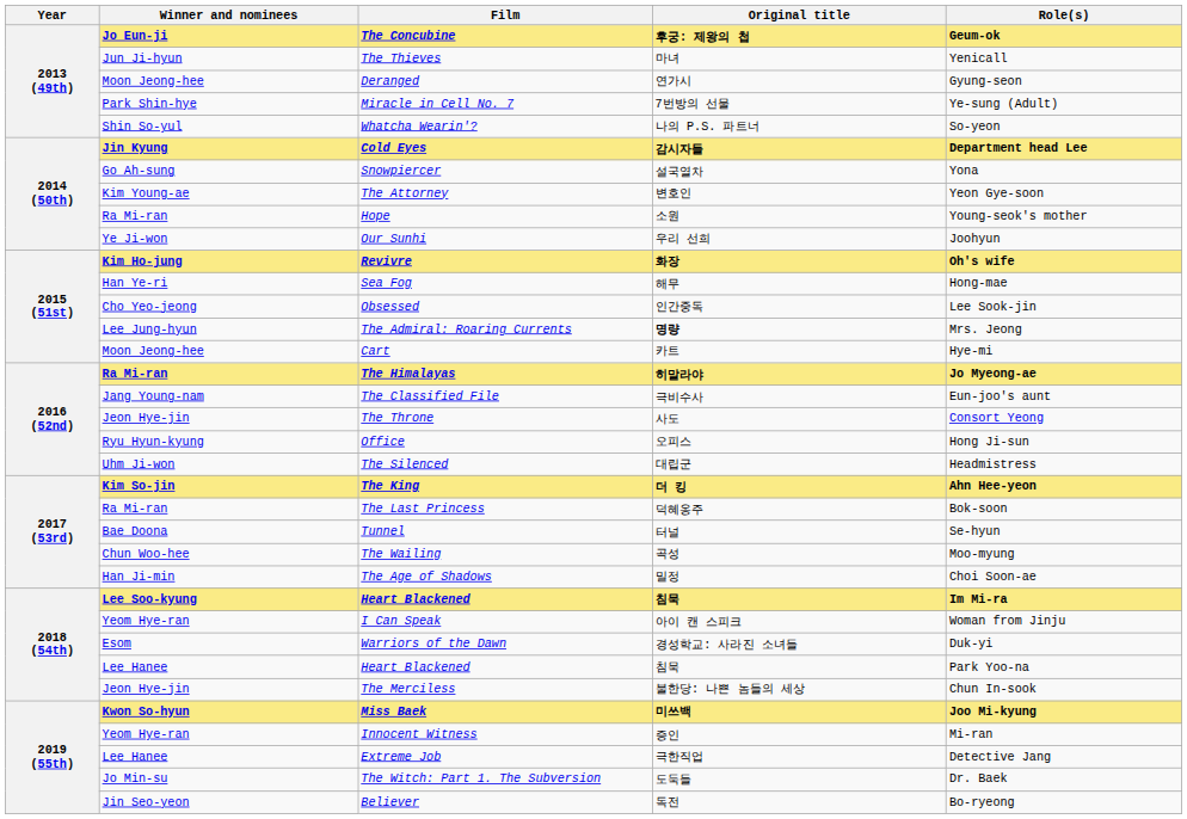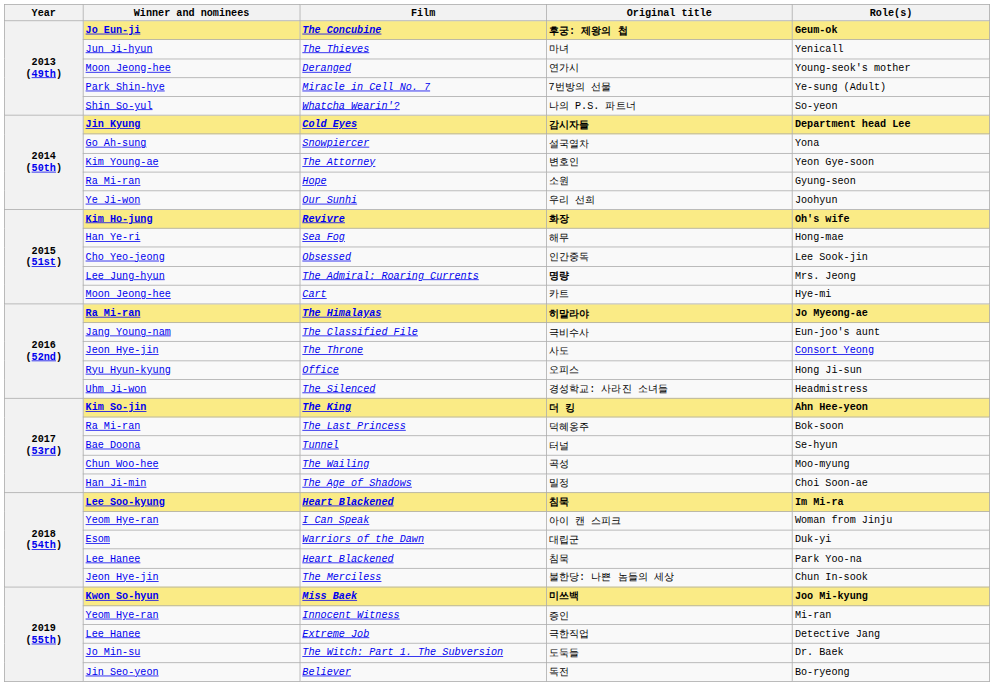 <table class="wikitable" style="width:100%;" cellpadding="6">
 <tr>
 <th style="width:8%;">Year</th>
 <th style="width:22%;">Winner and nominees</th>
 <th style="width:25%;">Film</th>
 <th style="width:25%;">Original title</th>
 <th style="width:20%;">Role(s)</th>
 </tr>
 <tr>
 <th rowspan="5">2013<br>(<a href='#'>49th</a>)</th>
 <td style="background:#FAEB86;"><strong><a href='#'>Jo Eun-ji</a> </strong></td>
 <td style="background:#FAEB86;"><strong><em><a href='#'>The Concubine</a></em></strong></td>
 <td style="background:#FAEB86;"><strong>후궁: 제왕의 첩</strong></td>
 <td style="background:#FAEB86;"><strong>Geum-ok</strong></td>
 </tr>
 <tr>
 <td><a href='#'>Jun Ji-hyun</a></td>
 <td><em><a href='#'>The Thieves</a></em></td>
 <td>마녀</td>
 <td>Yenicall</td>
 </tr>
 <tr>
 <td><a href='#'>Moon Jeong-hee</a></td>
 <td><em><a href='#'>Deranged</a></em></td>
 <td>연가시</td>
-<td>Gyung-seon</td>
+<td>Young-seok's mother</td>
 </tr>
 <tr>
 <td><a href='#'>Park Shin-hye</a></td>
 <td><em><a href='#'>Miracle in Cell No. 7</a></em></td>
 <td>7번방의 선물</td>
 <td>Ye-sung (Adult)</td>
 </tr>
 <tr>
 <td><a href='#'>Shin So-yul</a></td>
 <td><em><a href='#'>Whatcha Wearin'?</a></em></td>
 <td>나의 P.S. 파트너</td>
 <td>So-yeon</td>
 </tr>
 <tr>
 <th rowspan="5">2014<br>(<a href='#'>50th</a>)</th>
 <td style="background:#FAEB86;"><strong><a href='#'>Jin Kyung</a> </strong></td>
 <td style="background:#FAEB86;"><strong><em><a href='#'>Cold Eyes</a></em></strong></td>
 <td style="background:#FAEB86;"><strong>감시자들</strong></td>
 <td style="background:#FAEB86;"><strong>Department head Lee</strong></td>
 </tr>
 <tr>
 <td><a href='#'>Go Ah-sung</a></td>
 <td><em><a href='#'>Snowpiercer</a></em></td>
 <td>설국열차</td>
 <td>Yona</td>
 </tr>
 <tr>
 <td><a href='#'>Kim Young-ae</a></td>
 <td><em><a href='#'>The Attorney</a></em></td>
 <td>변호인</td>
 <td>Yeon Gye-soon</td>
 </tr>
 <tr>
 <td><a href='#'>Ra Mi-ran</a></td>
 <td><em><a href='#'>Hope</a></em></td>
 <td>소원</td>
-<td>Young-seok's mother</td>
+<td>Gyung-seon</td>
 </tr>
 <tr>
 <td><a href='#'>Ye Ji-won</a></td>
 <td><em><a href='#'>Our Sunhi</a></em></td>
 <td>우리 선희</td>
 <td>Joohyun</td>
 </tr>
 <tr>
 <th rowspan="5">2015<br>(<a href='#'>51st</a>)</th>
 <td style="background:#FAEB86;"><strong><a href='#'>Kim Ho-jung</a> </strong></td>
 <td style="background:#FAEB86;"><strong><em><a href='#'>Revivre</a></em></strong></td>
 <td style="background:#FAEB86;"><strong>화장</strong></td>
 <td style="background:#FAEB86;"><strong>Oh's wife</strong></td>
 </tr>
 <tr>
 <td><a href='#'>Han Ye-ri</a></td>
 <td><em><a href='#'>Sea Fog</a></em></td>
 <td>해무</td>
 <td>Hong-mae</td>
 </tr>
 <tr>
 <td><a href='#'>Cho Yeo-jeong</a></td>
 <td><em><a href='#'>Obsessed</a></em></td>
 <td>인간중독</td>
 <td>Lee Sook-jin</td>
 </tr>
 <tr>
 <td><a href='#'>Lee Jung-hyun</a></td>
 <td><em><a href='#'>The Admiral: Roaring Currents</a></em></td>
 <td><strong>명량</strong></td>
 <td>Mrs. Jeong</td>
 </tr>
 <tr>
 <td><a href='#'>Moon Jeong-hee</a></td>
 <td><em><a href='#'>Cart</a></em></td>
 <td>카트</td>
 <td>Hye-mi</td>
 </tr>
 <tr>
 <th rowspan="5">2016<br>(<a href='#'>52nd</a>)</th>
 <td style="background:#FAEB86;"><strong><a href='#'>Ra Mi-ran</a> </strong></td>
 <td style="background:#FAEB86;"><strong><em><a href='#'>The Himalayas</a></em></strong></td>
 <td style="background:#FAEB86;"><strong>히말라야</strong></td>
 <td style="background:#FAEB86;"><strong>Jo Myeong-ae</strong></td>
 </tr>
 <tr>
 <td><a href='#'>Jang Young-nam</a></td>
 <td><em><a href='#'>The Classified File</a></em></td>
 <td>극비수사</td>
 <td>Eun-joo's aunt</td>
 </tr>
 <tr>
 <td><a href='#'>Jeon Hye-jin</a></td>
 <td><em><a href='#'>The Throne</a></em></td>
 <td>사도</td>
 <td><a href='#'>Consort Yeong</a></td>
 </tr>
 <tr>
 <td><a href='#'>Ryu Hyun-kyung</a></td>
 <td><em><a href='#'>Office</a></em></td>
 <td>오피스</td>
 <td>Hong Ji-sun</td>
 </tr>
 <tr>
 <td><a href='#'>Uhm Ji-won</a></td>
 <td><em><a href='#'>The Silenced</a></em></td>
-<td>대립군</td>
+<td>경성학교: 사라진 소녀들</td>
 <td>Headmistress</td>
 </tr>
 <tr>
 <th rowspan="5">2017<br>(<a href='#'>53rd</a>)</th>
 <td style="background:#FAEB86;"><strong><a href='#'>Kim So-jin</a> </strong></td>
 <td style="background:#FAEB86;"><strong><em><a href='#'>The King</a></em></strong></td>
 <td style="background:#FAEB86;"><strong>더 킹</strong></td>
 <td style="background:#FAEB86;"><strong>Ahn Hee-yeon</strong></td>
 </tr>
 <tr>
 <td><a href='#'>Ra Mi-ran</a></td>
 <td><em><a href='#'>The Last Princess</a></em></td>
 <td>덕혜옹주</td>
 <td>Bok-soon</td>
 </tr>
 <tr>
 <td><a href='#'>Bae Doona</a></td>
 <td><em><a href='#'>Tunnel</a></em></td>
 <td>터널</td>
 <td>Se-hyun</td>
 </tr>
 <tr>
 <td><a href='#'>Chun Woo-hee</a></td>
 <td><em><a href='#'>The Wailing</a></em></td>
 <td>곡성</td>
 <td>Moo-myung</td>
 </tr>
 <tr>
 <td><a href='#'>Han Ji-min</a></td>
 <td><em><a href='#'>The Age of Shadows</a></em></td>
 <td>밀정</td>
 <td>Choi Soon-ae</td>
 </tr>
 <tr>
 <th rowspan="5">2018<br>(<a href='#'>54th</a>)</th>
 <td style="background:#FAEB86;"><strong><a href='#'>Lee Soo-kyung</a> </strong></td>
 <td style="background:#FAEB86;"><strong><em><a href='#'>Heart Blackened</a></em></strong></td>
 <td style="background:#FAEB86;"><strong>침묵</strong></td>
 <td style="background:#FAEB86;"><strong>Im Mi-ra</strong></td>
 </tr>
 <tr>
 <td><a href='#'>Yeom Hye-ran</a></td>
 <td><em><a href='#'>I Can Speak</a></em></td>
 <td>아이 캔 스피크</td>
 <td>Woman from Jinju</td>
 </tr>
 <tr>
 <td><a href='#'>Esom</a></td>
 <td><em><a href='#'>Warriors of the Dawn</a></em></td>
-<td>경성학교: 사라진 소녀들</td>
+<td>대립군</td>
 <td>Duk-yi</td>
 </tr>
 <tr>
 <td><a href='#'>Lee Hanee</a></td>
 <td><em><a href='#'>Heart Blackened</a></em></td>
 <td>침묵</td>
 <td>Park Yoo-na</td>
 </tr>
 <tr>
 <td><a href='#'>Jeon Hye-jin</a></td>
 <td><em><a href='#'>The Merciless</a></em></td>
 <td>불한당: 나쁜 놈들의 세상</td>
 <td>Chun In-sook</td>
 </tr>
 <tr>
 <th rowspan="5">2019<br>(<a href='#'>55th</a>)</th>
 <td style="background:#FAEB86;"><strong><a href='#'>Kwon So-hyun</a> </strong></td>
 <td style="background:#FAEB86;"><strong><em><a href='#'>Miss Baek</a></em></strong></td>
 <td style="background:#FAEB86;"><strong>미쓰백</strong></td>
 <td style="background:#FAEB86;"><strong>Joo Mi-kyung</strong></td>
 </tr>
 <tr>
 <td><a href='#'>Yeom Hye-ran</a></td>
 <td><em><a href='#'>Innocent Witness</a></em></td>
 <td>증인</td>
 <td>Mi-ran</td>
 </tr>
 <tr>
 <td><a href='#'>Lee Hanee</a></td>
 <td><em><a href='#'>Extreme Job</a></em></td>
 <td>극한직업</td>
 <td>Detective Jang</td>
 </tr>
 <tr>
 <td><a href='#'>Jo Min-su</a></td>
 <td><em><a href='#'>The Witch: Part 1. The Subversion</a></em></td>
 <td>도둑들</td>
 <td>Dr. Baek</td>
 </tr>
 <tr>
 <td><a href='#'>Jin Seo-yeon</a></td>
 <td><em><a href='#'>Believer</a></em></td>
 <td>독전</td>
 <td>Bo-ryeong</td>
 </tr>
 </table>
